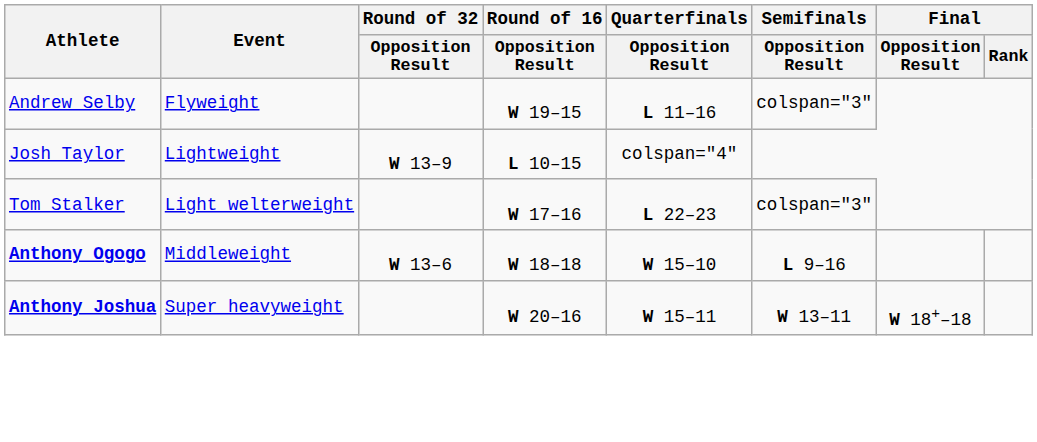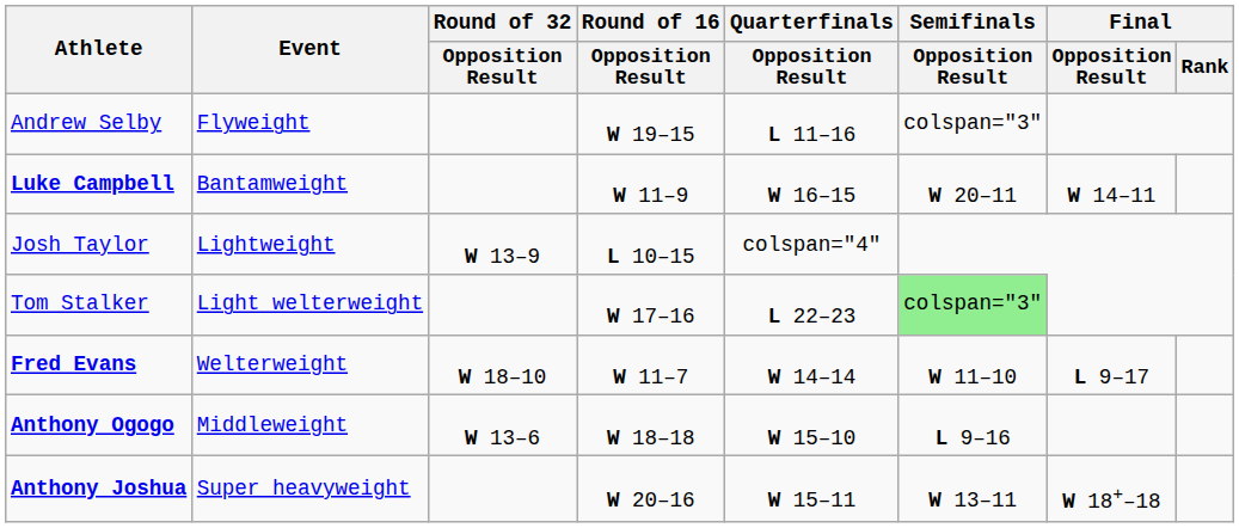 <table class="wikitable" style="text-align:center; font-size:90%;">
 <tr>
 <th rowspan=2>Athlete</th>
 <th rowspan=2>Event</th>
 <th>Round of 32</th>
 <th>Round of 16</th>
 <th>Quarterfinals</th>
 <th>Semifinals</th>
 <th colspan=2>Final</th>
 </tr>
 <tr style="font-size:95%">
 <th>Opposition<br>Result</th>
 <th>Opposition<br>Result</th>
 <th>Opposition<br>Result</th>
 <th>Opposition<br>Result</th>
 <th>Opposition<br>Result</th>
 <th>Rank</th>
 </tr>
 <tr>
 <td style="text-align:left;"><a href='#'>Andrew Selby</a></td>
 <td style="text-align:left;"><a href='#'>Flyweight</a></td>
 <td></td>
 <td><br><strong>W</strong> 19–15</td>
 <td><br><strong>L</strong> 11–16</td>
 <td>colspan="3" </td>
 </tr>
 <tr>
+<td style="text-align:left;"><strong><a href='#'>Luke Campbell</a></strong></td>
+<td style="text-align:left;"><a href='#'>Bantamweight</a></td>
+<td></td>
+<td><br><strong>W</strong> 11–9</td>
+<td><br><strong>W</strong> 16–15</td>
+<td><br><strong>W</strong> 20–11</td>
+<td><br><strong>W</strong> 14–11</td>
+<td></td>
+</tr>
+<tr>
 <td style="text-align:left;"><a href='#'>Josh Taylor</a></td>
 <td style="text-align:left;"><a href='#'>Lightweight</a></td>
 <td><br><strong>W</strong> 13–9</td>
 <td><br><strong>L</strong> 10–15</td>
 <td>colspan="4" </td>
 </tr>
 <tr>
 <td style="text-align:left;"><a href='#'>Tom Stalker</a></td>
 <td style="text-align:left;"><a href='#'>Light welterweight</a></td>
 <td></td>
 <td> <br><strong>W</strong> 17–16</td>
 <td><br><strong>L</strong> 22–23</td>
-<td>colspan="3" </td>
+<td style="background: lightgreen;">colspan="3" </td>
+</tr>
+<tr>
+<td style="text-align:left;"><strong><a href='#'>Fred Evans</a></strong></td>
+<td style="text-align:left;"><a href='#'>Welterweight</a></td>
+<td><br><strong>W</strong> 18–10</td>
+<td> <br><strong>W</strong> 11–7</td>
+<td><br><strong>W</strong> 14–14</td>
+<td><br><strong>W</strong> 11–10</td>
+<td><br><strong>L</strong> 9–17</td>
+<td></td>
 </tr>
 <tr>
 <td style="text-align:left;"><strong><a href='#'>Anthony Ogogo</a></strong></td>
 <td style="text-align:left;"><a href='#'>Middleweight</a></td>
 <td> <br><strong>W</strong> 13–6</td>
 <td> <br><strong>W</strong> 18–18</td>
 <td> <br><strong>W</strong> 15–10</td>
 <td><br><strong>L</strong> 9–16</td>
 <td></td>
 <td></td>
 </tr>
 <tr>
 <td style="text-align:left;"><strong><a href='#'>Anthony Joshua</a></strong></td>
 <td style="text-align:left;"><a href='#'>Super heavyweight</a></td>
 <td></td>
 <td><br><strong>W</strong> 20–16</td>
 <td> <br><strong>W</strong> 15–11</td>
 <td> <br><strong>W</strong> 13–11</td>
 <td><br><strong>W</strong> 18<sup>+</sup>–18</td>
 <td></td>
 </tr>
 </table>
